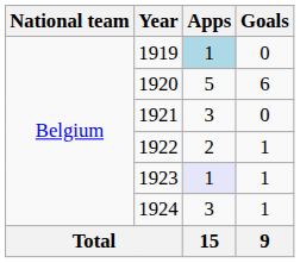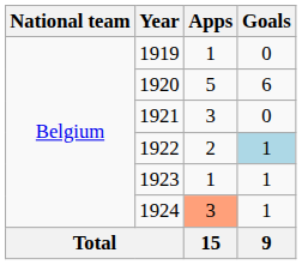 <table class="wikitable" style="text-align: center;">
 <tr>
 <th>National team</th>
 <th>Year</th>
 <th>Apps</th>
 <th>Goals</th>
 </tr>
 <tr>
 <td rowspan="6"><a href='#'>Belgium</a></td>
 <td>1919</td>
-<td style="background: lightblue;">1</td>
+<td>1</td>
 <td>0</td>
 </tr>
 <tr>
 <td>1920</td>
 <td>5</td>
 <td>6</td>
 </tr>
 <tr>
 <td>1921</td>
 <td>3</td>
 <td>0</td>
 </tr>
 <tr>
 <td>1922</td>
 <td>2</td>
-<td>1</td>
+<td style="background: lightblue;">1</td>
 </tr>
 <tr>
 <td>1923</td>
-<td style="background: lavender;">1</td>
+<td>1</td>
 <td>1</td>
 </tr>
 <tr>
 <td>1924</td>
-<td>3</td>
+<td style="background: lightsalmon;">3</td>
 <td>1</td>
 </tr>
 <tr>
 <th colspan="2">Total</th>
 <th>15</th>
 <th>9</th>
 </tr>
 </table>
